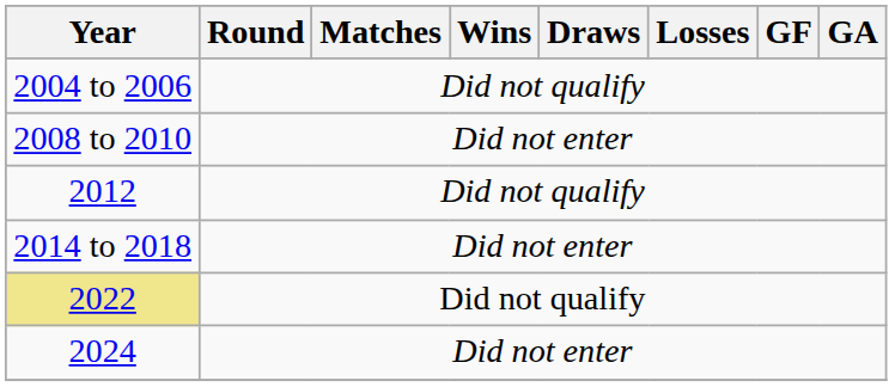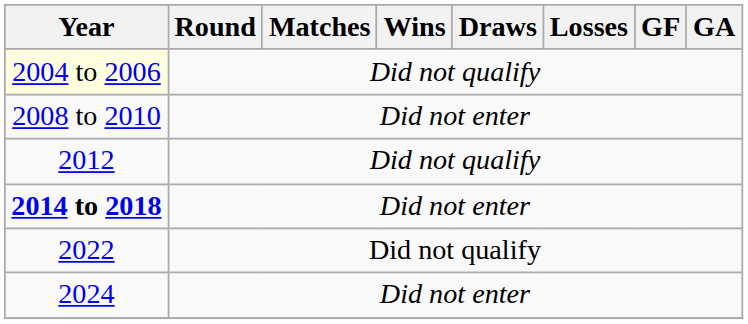 <table class="wikitable" style="text-align: center;">
 <tr>
 <th>Year</th>
 <th>Round</th>
 <th>Matches</th>
 <th>Wins</th>
 <th>Draws</th>
 <th>Losses</th>
 <th>GF</th>
 <th>GA</th>
 </tr>
 <tr>
-<td> <a href='#'>2004</a> to  <a href='#'>2006</a></td>
+<td style="background: lightyellow;"> <a href='#'>2004</a> to  <a href='#'>2006</a></td>
 <td colspan=8><em>Did not qualify</em></td>
 </tr>
 <tr>
 <td> <a href='#'>2008</a> to  <a href='#'>2010</a></td>
 <td colspan=8><em>Did not enter</em></td>
 </tr>
 <tr>
 <td> <a href='#'>2012</a></td>
 <td colspan=8><em>Did not qualify </em></td>
 </tr>
 <tr>
-<td> <a href='#'>2014</a> to  <a href='#'>2018</a></td>
+<td><strong> <a href='#'>2014</a> to  <a href='#'>2018</a></strong></td>
 <td colspan=8><em>Did not enter</em></td>
 </tr>
 <tr>
-<td style="background: khaki;"> <a href='#'>2022</a></td>
+<td> <a href='#'>2022</a></td>
 <td colspan=8>Did not qualify</td>
 </tr>
 <tr>
 <td> <a href='#'>2024</a></td>
 <td colspan=8><em> Did not enter </em></td>
 </tr>
 <tr>
 </tr>
 </table>
